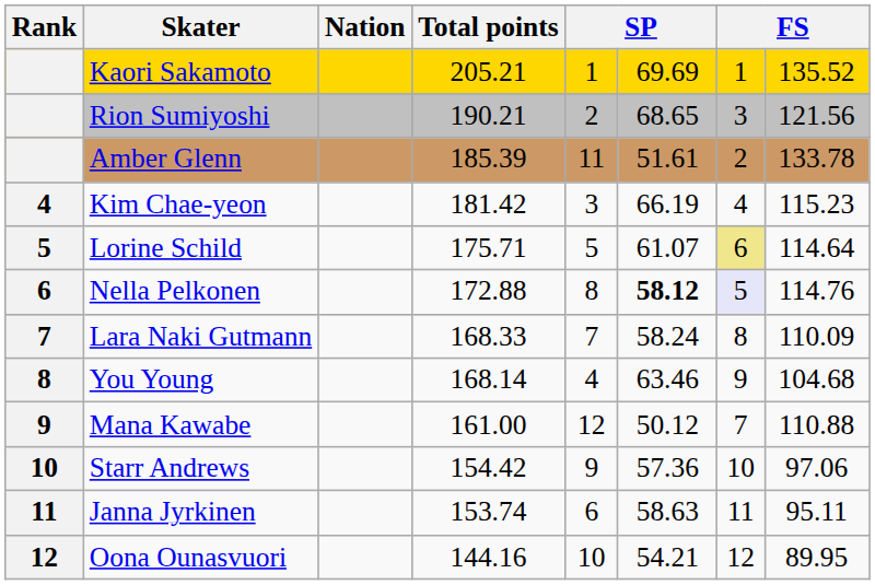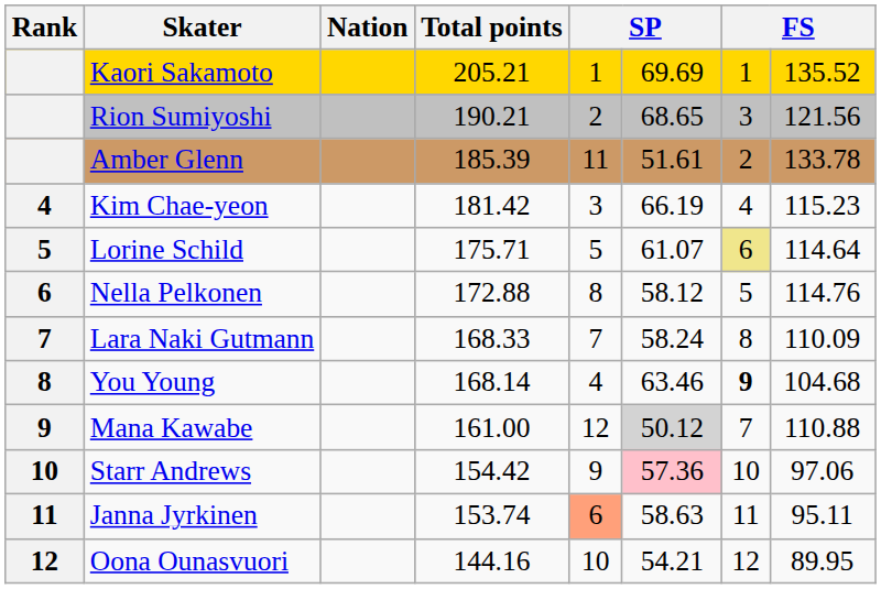 <table class="wikitable sortable" style="text-align:left">
 <tr>
 <th scope="col">Rank</th>
 <th scope="col">Skater</th>
 <th scope="col">Nation</th>
 <th scope="col">Total points</th>
 <th scope="col" colspan="2" width="80px"><a href='#'>SP</a></th>
 <th scope="col" colspan="2" width="80px"><a href='#'>FS</a></th>
 </tr>
 <tr bgcolor="gold">
 <th scope="row"></th>
 <td><a href='#'>Kaori Sakamoto</a></td>
 <td></td>
 <td align="center">205.21</td>
 <td align="center">1</td>
 <td align="center">69.69</td>
 <td align="center">1</td>
 <td align="center">135.52</td>
 </tr>
 <tr bgcolor="silver">
 <th scope="row"></th>
 <td><a href='#'>Rion Sumiyoshi</a></td>
 <td></td>
 <td align="center">190.21</td>
 <td align="center">2</td>
 <td align="center">68.65</td>
 <td align="center">3</td>
 <td align="center">121.56</td>
 </tr>
 <tr bgcolor="cc9966">
 <th scope="row"></th>
 <td><a href='#'>Amber Glenn</a></td>
 <td></td>
 <td align="center">185.39</td>
 <td align="center">11</td>
 <td align="center">51.61</td>
 <td align="center">2</td>
 <td align="center">133.78</td>
 </tr>
 <tr>
 <th scope="row">4</th>
 <td><a href='#'>Kim Chae-yeon</a></td>
 <td></td>
 <td align="center">181.42</td>
 <td align="center">3</td>
 <td align="center">66.19</td>
 <td align="center">4</td>
 <td align="center">115.23</td>
 </tr>
 <tr>
 <th scope="row">5</th>
 <td><a href='#'>Lorine Schild</a></td>
 <td></td>
 <td align="center">175.71</td>
 <td align="center">5</td>
 <td align="center">61.07</td>
 <td align="center" style="background: khaki;">6</td>
 <td align="center">114.64</td>
 </tr>
 <tr>
 <th scope="row">6</th>
 <td><a href='#'>Nella Pelkonen</a></td>
 <td></td>
 <td align="center">172.88</td>
 <td align="center">8</td>
-<td align="center"><strong>58.12</strong></td>
-<td align="center" style="background: lavender;">5</td>
+<td align="center">58.12</td>
+<td align="center">5</td>
 <td align="center">114.76</td>
 </tr>
 <tr>
 <th scope="row">7</th>
 <td><a href='#'>Lara Naki Gutmann</a></td>
 <td></td>
 <td align="center">168.33</td>
 <td align="center">7</td>
 <td align="center">58.24</td>
 <td align="center">8</td>
 <td align="center">110.09</td>
 </tr>
 <tr>
 <th scope="row">8</th>
 <td><a href='#'>You Young</a></td>
 <td></td>
 <td align="center">168.14</td>
 <td align="center">4</td>
 <td align="center">63.46</td>
-<td align="center">9</td>
+<td align="center"><strong>9</strong></td>
 <td align="center">104.68</td>
 </tr>
 <tr>
 <th scope="row">9</th>
 <td><a href='#'>Mana Kawabe</a></td>
 <td></td>
 <td align="center">161.00</td>
 <td align="center">12</td>
-<td align="center">50.12</td>
+<td align="center" style="background: lightgrey;">50.12</td>
 <td align="center">7</td>
 <td align="center">110.88</td>
 </tr>
 <tr>
 <th scope="row">10</th>
 <td><a href='#'>Starr Andrews</a></td>
 <td></td>
 <td align="center">154.42</td>
 <td align="center">9</td>
-<td align="center">57.36</td>
+<td align="center" style="background: pink;">57.36</td>
 <td align="center">10</td>
 <td align="center">97.06</td>
 </tr>
 <tr>
 <th scope="row">11</th>
 <td><a href='#'>Janna Jyrkinen</a></td>
 <td></td>
 <td align="center">153.74</td>
-<td align="center">6</td>
+<td align="center" style="background: lightsalmon;">6</td>
 <td align="center">58.63</td>
 <td align="center">11</td>
 <td align="center">95.11</td>
 </tr>
 <tr>
 <th scope="row">12</th>
 <td><a href='#'>Oona Ounasvuori</a></td>
 <td></td>
 <td align="center">144.16</td>
 <td align="center">10</td>
 <td align="center">54.21</td>
 <td align="center">12</td>
 <td align="center">89.95</td>
 </tr>
 </table>
